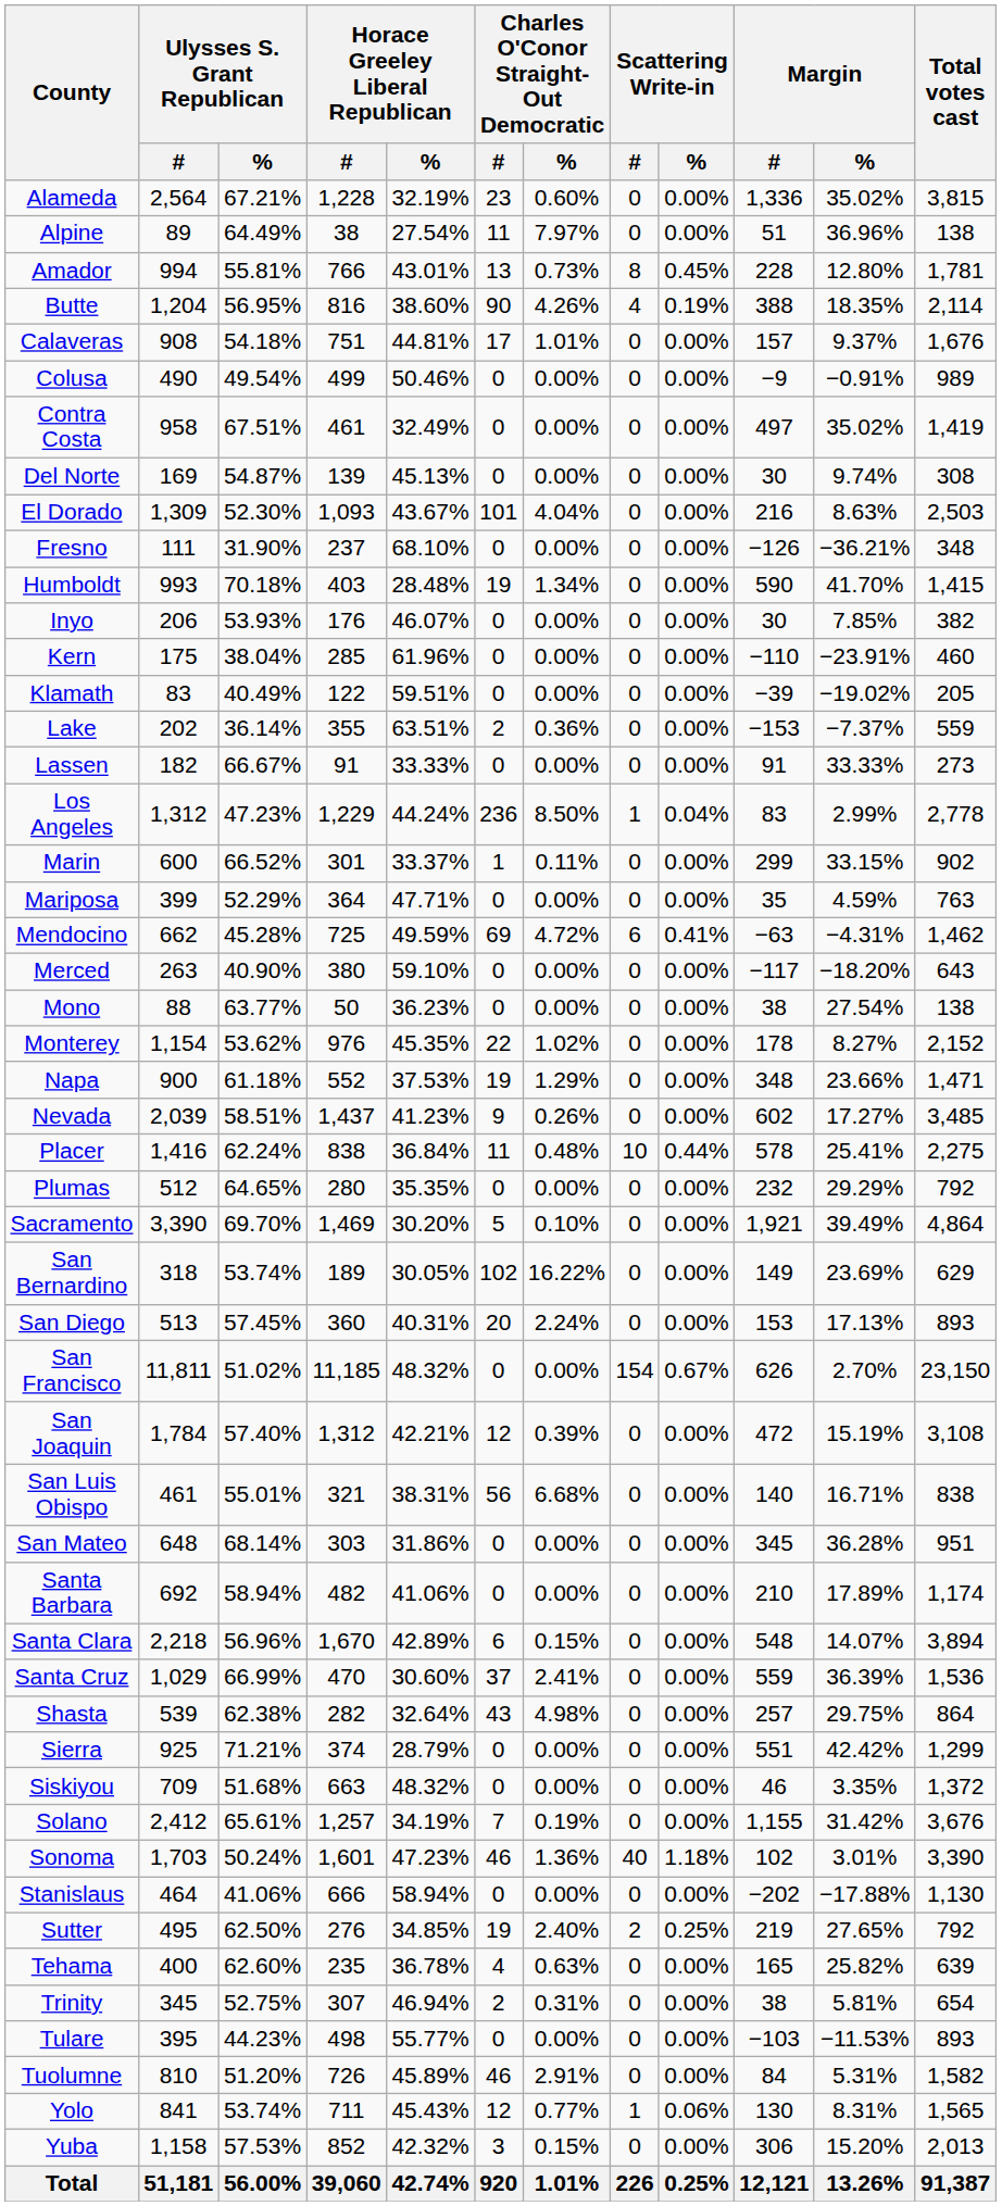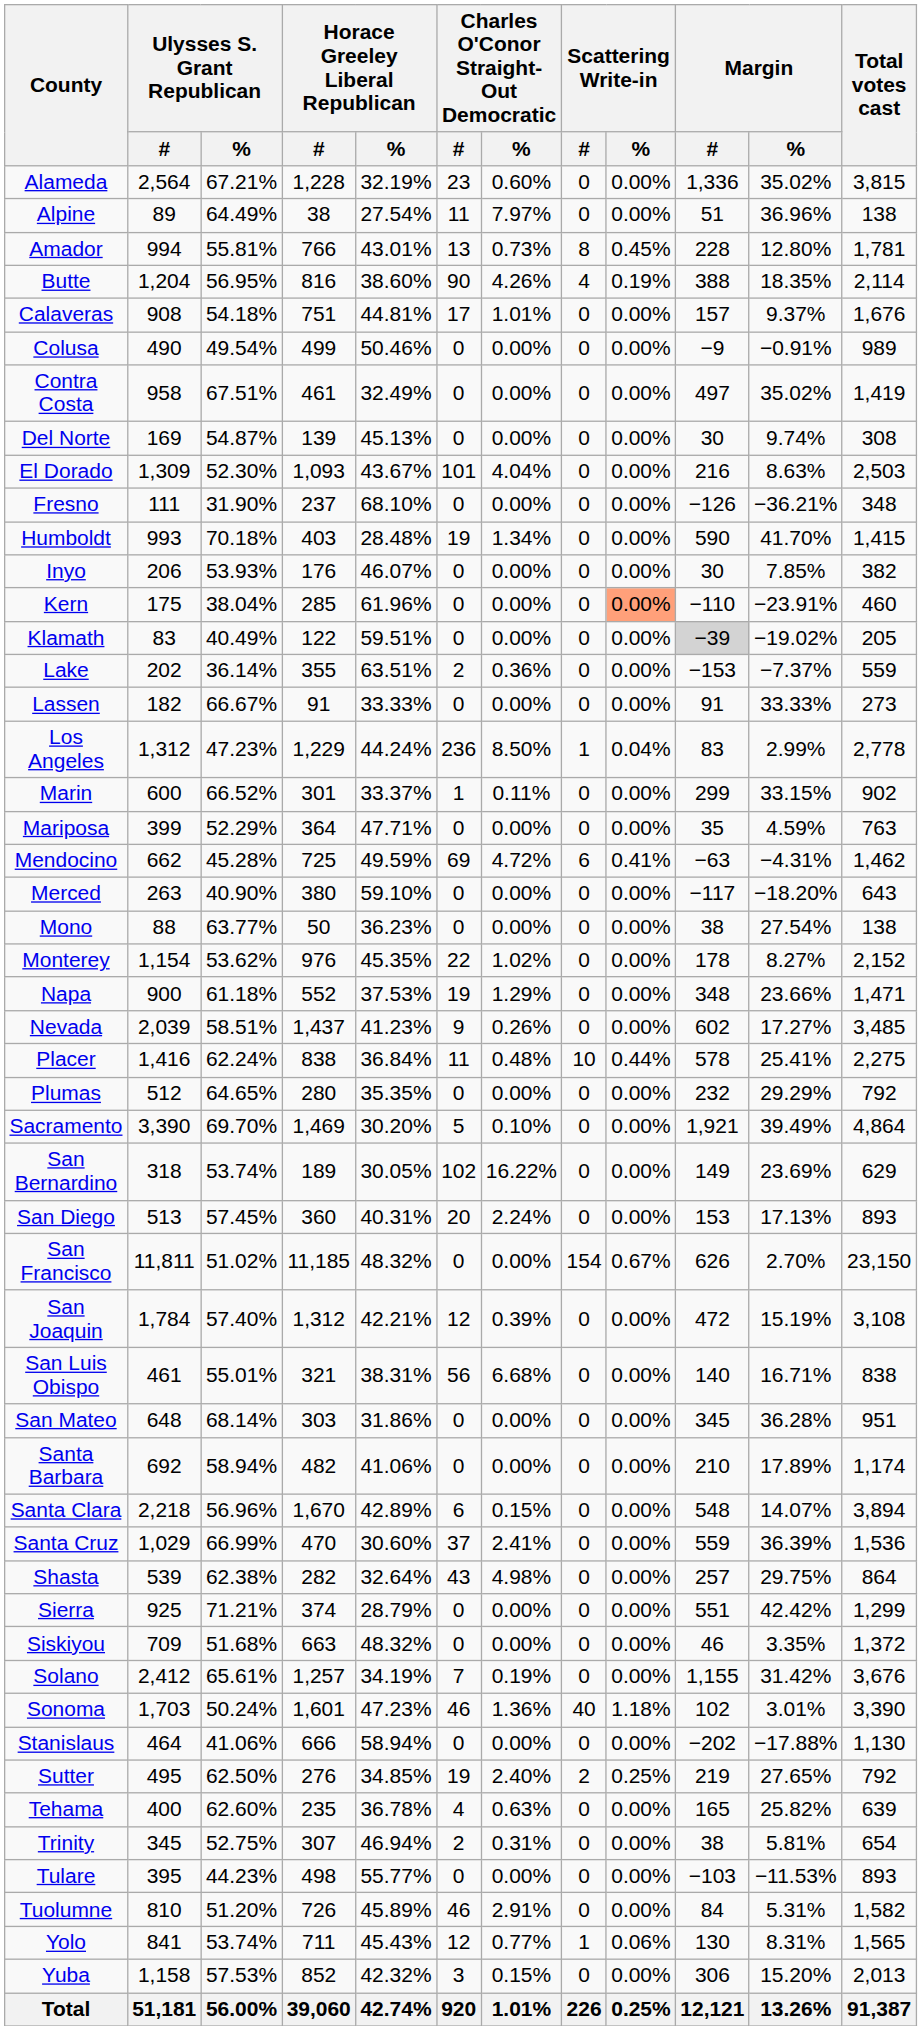 <table width="60%" class="wikitable sortable" style="text-align:center">
 <tr>
 <th rowspan="2" style="text-align:center;">County</th>
 <th colspan="2" style="text-align:center;">Ulysses S. Grant<br>Republican</th>
 <th colspan="2" style="text-align:center;">Horace Greeley<br>Liberal Republican</th>
 <th colspan="2" style="text-align:center;">Charles O'Conor<br>Straight-Out Democratic</th>
 <th colspan="2" style="text-align:center;">Scattering<br>Write-in</th>
 <th colspan="2" style="text-align:center;">Margin</th>
 <th rowspan="2" style="text-align:center;">Total votes cast</th>
 </tr>
 <tr>
 <th style="text-align:center;" data-sort-type="number">#</th>
 <th style="text-align:center;" data-sort-type="number">%</th>
 <th style="text-align:center;" data-sort-type="number">#</th>
 <th style="text-align:center;" data-sort-type="number">%</th>
 <th style="text-align:center;" data-sort-type="number">#</th>
 <th style="text-align:center;" data-sort-type="number">%</th>
 <th style="text-align:center;" data-sort-type="number">#</th>
 <th style="text-align:center;" data-sort-type="number">%</th>
 <th style="text-align:center;" data-sort-type="number">#</th>
 <th style="text-align:center;" data-sort-type="number">%</th>
 </tr>
 <tr style="text-align:center;">
 <td><a href='#'>Alameda</a></td>
 <td>2,564</td>
 <td>67.21%</td>
 <td>1,228</td>
 <td>32.19%</td>
 <td>23</td>
 <td>0.60%</td>
 <td>0</td>
 <td>0.00%</td>
 <td>1,336</td>
 <td>35.02%</td>
 <td>3,815</td>
 </tr>
 <tr style="text-align:center;">
 <td><a href='#'>Alpine</a></td>
 <td>89</td>
 <td>64.49%</td>
 <td>38</td>
 <td>27.54%</td>
 <td>11</td>
 <td>7.97%</td>
 <td>0</td>
 <td>0.00%</td>
 <td>51</td>
 <td>36.96%</td>
 <td>138</td>
 </tr>
 <tr style="text-align:center;">
 <td><a href='#'>Amador</a></td>
 <td>994</td>
 <td>55.81%</td>
 <td>766</td>
 <td>43.01%</td>
 <td>13</td>
 <td>0.73%</td>
 <td>8</td>
 <td>0.45%</td>
 <td>228</td>
 <td>12.80%</td>
 <td>1,781</td>
 </tr>
 <tr style="text-align:center;">
 <td><a href='#'>Butte</a></td>
 <td>1,204</td>
 <td>56.95%</td>
 <td>816</td>
 <td>38.60%</td>
 <td>90</td>
 <td>4.26%</td>
 <td>4</td>
 <td>0.19%</td>
 <td>388</td>
 <td>18.35%</td>
 <td>2,114</td>
 </tr>
 <tr style="text-align:center;">
 <td><a href='#'>Calaveras</a></td>
 <td>908</td>
 <td>54.18%</td>
 <td>751</td>
 <td>44.81%</td>
 <td>17</td>
 <td>1.01%</td>
 <td>0</td>
 <td>0.00%</td>
 <td>157</td>
 <td>9.37%</td>
 <td>1,676</td>
 </tr>
 <tr style="text-align:center;">
 <td><a href='#'>Colusa</a></td>
 <td>490</td>
 <td>49.54%</td>
 <td>499</td>
 <td>50.46%</td>
 <td>0</td>
 <td>0.00%</td>
 <td>0</td>
 <td>0.00%</td>
 <td>−9</td>
 <td>−0.91%</td>
 <td>989</td>
 </tr>
 <tr style="text-align:center;">
 <td><a href='#'>Contra Costa</a></td>
 <td>958</td>
 <td>67.51%</td>
 <td>461</td>
 <td>32.49%</td>
 <td>0</td>
 <td>0.00%</td>
 <td>0</td>
 <td>0.00%</td>
 <td>497</td>
 <td>35.02%</td>
 <td>1,419</td>
 </tr>
 <tr style="text-align:center;">
 <td><a href='#'>Del Norte</a></td>
 <td>169</td>
 <td>54.87%</td>
 <td>139</td>
 <td>45.13%</td>
 <td>0</td>
 <td>0.00%</td>
 <td>0</td>
 <td>0.00%</td>
 <td>30</td>
 <td>9.74%</td>
 <td>308</td>
 </tr>
 <tr style="text-align:center;">
 <td><a href='#'>El Dorado</a></td>
 <td>1,309</td>
 <td>52.30%</td>
 <td>1,093</td>
 <td>43.67%</td>
 <td>101</td>
 <td>4.04%</td>
 <td>0</td>
 <td>0.00%</td>
 <td>216</td>
 <td>8.63%</td>
 <td>2,503</td>
 </tr>
 <tr style="text-align:center;">
 <td><a href='#'>Fresno</a></td>
 <td>111</td>
 <td>31.90%</td>
 <td>237</td>
 <td>68.10%</td>
 <td>0</td>
 <td>0.00%</td>
 <td>0</td>
 <td>0.00%</td>
 <td>−126</td>
 <td>−36.21%</td>
 <td>348</td>
 </tr>
 <tr style="text-align:center;">
 <td><a href='#'>Humboldt</a></td>
 <td>993</td>
 <td>70.18%</td>
 <td>403</td>
 <td>28.48%</td>
 <td>19</td>
 <td>1.34%</td>
 <td>0</td>
 <td>0.00%</td>
 <td>590</td>
 <td>41.70%</td>
 <td>1,415</td>
 </tr>
 <tr style="text-align:center;">
 <td><a href='#'>Inyo</a></td>
 <td>206</td>
 <td>53.93%</td>
 <td>176</td>
 <td>46.07%</td>
 <td>0</td>
 <td>0.00%</td>
 <td>0</td>
 <td>0.00%</td>
 <td>30</td>
 <td>7.85%</td>
 <td>382</td>
 </tr>
 <tr style="text-align:center;">
 <td><a href='#'>Kern</a></td>
 <td>175</td>
 <td>38.04%</td>
 <td>285</td>
 <td>61.96%</td>
 <td>0</td>
 <td>0.00%</td>
 <td>0</td>
-<td>0.00%</td>
+<td style="background: lightsalmon;">0.00%</td>
 <td>−110</td>
 <td>−23.91%</td>
 <td>460</td>
 </tr>
 <tr style="text-align:center;">
 <td><a href='#'>Klamath</a></td>
 <td>83</td>
 <td>40.49%</td>
 <td>122</td>
 <td>59.51%</td>
 <td>0</td>
 <td>0.00%</td>
 <td>0</td>
 <td>0.00%</td>
-<td>−39</td>
+<td style="background: lightgrey;">−39</td>
 <td>−19.02%</td>
 <td>205</td>
 </tr>
 <tr style="text-align:center;">
 <td><a href='#'>Lake</a></td>
 <td>202</td>
 <td>36.14%</td>
 <td>355</td>
 <td>63.51%</td>
 <td>2</td>
 <td>0.36%</td>
 <td>0</td>
 <td>0.00%</td>
 <td>−153</td>
 <td>−7.37%</td>
 <td>559</td>
 </tr>
 <tr style="text-align:center;">
 <td><a href='#'>Lassen</a></td>
 <td>182</td>
 <td>66.67%</td>
 <td>91</td>
 <td>33.33%</td>
 <td>0</td>
 <td>0.00%</td>
 <td>0</td>
 <td>0.00%</td>
 <td>91</td>
 <td>33.33%</td>
 <td>273</td>
 </tr>
 <tr style="text-align:center;">
 <td><a href='#'>Los Angeles</a></td>
 <td>1,312</td>
 <td>47.23%</td>
 <td>1,229</td>
 <td>44.24%</td>
 <td>236</td>
 <td>8.50%</td>
 <td>1</td>
 <td>0.04%</td>
 <td>83</td>
 <td>2.99%</td>
 <td>2,778</td>
 </tr>
 <tr style="text-align:center;">
 <td><a href='#'>Marin</a></td>
 <td>600</td>
 <td>66.52%</td>
 <td>301</td>
 <td>33.37%</td>
 <td>1</td>
 <td>0.11%</td>
 <td>0</td>
 <td>0.00%</td>
 <td>299</td>
 <td>33.15%</td>
 <td>902</td>
 </tr>
 <tr style="text-align:center;">
 <td><a href='#'>Mariposa</a></td>
 <td>399</td>
 <td>52.29%</td>
 <td>364</td>
 <td>47.71%</td>
 <td>0</td>
 <td>0.00%</td>
 <td>0</td>
 <td>0.00%</td>
 <td>35</td>
 <td>4.59%</td>
 <td>763</td>
 </tr>
 <tr style="text-align:center;">
 <td><a href='#'>Mendocino</a></td>
 <td>662</td>
 <td>45.28%</td>
 <td>725</td>
 <td>49.59%</td>
 <td>69</td>
 <td>4.72%</td>
 <td>6</td>
 <td>0.41%</td>
 <td>−63</td>
 <td>−4.31%</td>
 <td>1,462</td>
 </tr>
 <tr style="text-align:center;">
 <td><a href='#'>Merced</a></td>
 <td>263</td>
 <td>40.90%</td>
 <td>380</td>
 <td>59.10%</td>
 <td>0</td>
 <td>0.00%</td>
 <td>0</td>
 <td>0.00%</td>
 <td>−117</td>
 <td>−18.20%</td>
 <td>643</td>
 </tr>
 <tr style="text-align:center;">
 <td><a href='#'>Mono</a></td>
 <td>88</td>
 <td>63.77%</td>
 <td>50</td>
 <td>36.23%</td>
 <td>0</td>
 <td>0.00%</td>
 <td>0</td>
 <td>0.00%</td>
 <td>38</td>
 <td>27.54%</td>
 <td>138</td>
 </tr>
 <tr style="text-align:center;">
 <td><a href='#'>Monterey</a></td>
 <td>1,154</td>
 <td>53.62%</td>
 <td>976</td>
 <td>45.35%</td>
 <td>22</td>
 <td>1.02%</td>
 <td>0</td>
 <td>0.00%</td>
 <td>178</td>
 <td>8.27%</td>
 <td>2,152</td>
 </tr>
 <tr style="text-align:center;">
 <td><a href='#'>Napa</a></td>
 <td>900</td>
 <td>61.18%</td>
 <td>552</td>
 <td>37.53%</td>
 <td>19</td>
 <td>1.29%</td>
 <td>0</td>
 <td>0.00%</td>
 <td>348</td>
 <td>23.66%</td>
 <td>1,471</td>
 </tr>
 <tr style="text-align:center;">
 <td><a href='#'>Nevada</a></td>
 <td>2,039</td>
 <td>58.51%</td>
 <td>1,437</td>
 <td>41.23%</td>
 <td>9</td>
 <td>0.26%</td>
 <td>0</td>
 <td>0.00%</td>
 <td>602</td>
 <td>17.27%</td>
 <td>3,485</td>
 </tr>
 <tr style="text-align:center;">
 <td><a href='#'>Placer</a></td>
 <td>1,416</td>
 <td>62.24%</td>
 <td>838</td>
 <td>36.84%</td>
 <td>11</td>
 <td>0.48%</td>
 <td>10</td>
 <td>0.44%</td>
 <td>578</td>
 <td>25.41%</td>
 <td>2,275</td>
 </tr>
 <tr style="text-align:center;">
 <td><a href='#'>Plumas</a></td>
 <td>512</td>
 <td>64.65%</td>
 <td>280</td>
 <td>35.35%</td>
 <td>0</td>
 <td>0.00%</td>
 <td>0</td>
 <td>0.00%</td>
 <td>232</td>
 <td>29.29%</td>
 <td>792</td>
 </tr>
 <tr style="text-align:center;">
 <td><a href='#'>Sacramento</a></td>
 <td>3,390</td>
 <td>69.70%</td>
 <td>1,469</td>
 <td>30.20%</td>
 <td>5</td>
 <td>0.10%</td>
 <td>0</td>
 <td>0.00%</td>
 <td>1,921</td>
 <td>39.49%</td>
 <td>4,864</td>
 </tr>
 <tr style="text-align:center;">
 <td><a href='#'>San Bernardino</a></td>
 <td>318</td>
 <td>53.74%</td>
 <td>189</td>
 <td>30.05%</td>
 <td>102</td>
 <td>16.22%</td>
 <td>0</td>
 <td>0.00%</td>
 <td>149</td>
 <td>23.69%</td>
 <td>629</td>
 </tr>
 <tr style="text-align:center;">
 <td><a href='#'>San Diego</a></td>
 <td>513</td>
 <td>57.45%</td>
 <td>360</td>
 <td>40.31%</td>
 <td>20</td>
 <td>2.24%</td>
 <td>0</td>
 <td>0.00%</td>
 <td>153</td>
 <td>17.13%</td>
 <td>893</td>
 </tr>
 <tr style="text-align:center;">
 <td><a href='#'>San Francisco</a></td>
 <td>11,811</td>
 <td>51.02%</td>
 <td>11,185</td>
 <td>48.32%</td>
 <td>0</td>
 <td>0.00%</td>
 <td>154</td>
 <td>0.67%</td>
 <td>626</td>
 <td>2.70%</td>
 <td>23,150</td>
 </tr>
 <tr style="text-align:center;">
 <td><a href='#'>San Joaquin</a></td>
 <td>1,784</td>
 <td>57.40%</td>
 <td>1,312</td>
 <td>42.21%</td>
 <td>12</td>
 <td>0.39%</td>
 <td>0</td>
 <td>0.00%</td>
 <td>472</td>
 <td>15.19%</td>
 <td>3,108</td>
 </tr>
 <tr style="text-align:center;">
 <td><a href='#'>San Luis Obispo</a></td>
 <td>461</td>
 <td>55.01%</td>
 <td>321</td>
 <td>38.31%</td>
 <td>56</td>
 <td>6.68%</td>
 <td>0</td>
 <td>0.00%</td>
 <td>140</td>
 <td>16.71%</td>
 <td>838</td>
 </tr>
 <tr style="text-align:center;">
 <td><a href='#'>San Mateo</a></td>
 <td>648</td>
 <td>68.14%</td>
 <td>303</td>
 <td>31.86%</td>
 <td>0</td>
 <td>0.00%</td>
 <td>0</td>
 <td>0.00%</td>
 <td>345</td>
 <td>36.28%</td>
 <td>951</td>
 </tr>
 <tr style="text-align:center;">
 <td><a href='#'>Santa Barbara</a></td>
 <td>692</td>
 <td>58.94%</td>
 <td>482</td>
 <td>41.06%</td>
 <td>0</td>
 <td>0.00%</td>
 <td>0</td>
 <td>0.00%</td>
 <td>210</td>
 <td>17.89%</td>
 <td>1,174</td>
 </tr>
 <tr style="text-align:center;">
 <td><a href='#'>Santa Clara</a></td>
 <td>2,218</td>
 <td>56.96%</td>
 <td>1,670</td>
 <td>42.89%</td>
 <td>6</td>
 <td>0.15%</td>
 <td>0</td>
 <td>0.00%</td>
 <td>548</td>
 <td>14.07%</td>
 <td>3,894</td>
 </tr>
 <tr style="text-align:center;">
 <td><a href='#'>Santa Cruz</a></td>
 <td>1,029</td>
 <td>66.99%</td>
 <td>470</td>
 <td>30.60%</td>
 <td>37</td>
 <td>2.41%</td>
 <td>0</td>
 <td>0.00%</td>
 <td>559</td>
 <td>36.39%</td>
 <td>1,536</td>
 </tr>
 <tr style="text-align:center;">
 <td><a href='#'>Shasta</a></td>
 <td>539</td>
 <td>62.38%</td>
 <td>282</td>
 <td>32.64%</td>
 <td>43</td>
 <td>4.98%</td>
 <td>0</td>
 <td>0.00%</td>
 <td>257</td>
 <td>29.75%</td>
 <td>864</td>
 </tr>
 <tr style="text-align:center;">
 <td><a href='#'>Sierra</a></td>
 <td>925</td>
 <td>71.21%</td>
 <td>374</td>
 <td>28.79%</td>
 <td>0</td>
 <td>0.00%</td>
 <td>0</td>
 <td>0.00%</td>
 <td>551</td>
 <td>42.42%</td>
 <td>1,299</td>
 </tr>
 <tr style="text-align:center;">
 <td><a href='#'>Siskiyou</a></td>
 <td>709</td>
 <td>51.68%</td>
 <td>663</td>
 <td>48.32%</td>
 <td>0</td>
 <td>0.00%</td>
 <td>0</td>
 <td>0.00%</td>
 <td>46</td>
 <td>3.35%</td>
 <td>1,372</td>
 </tr>
 <tr style="text-align:center;">
 <td><a href='#'>Solano</a></td>
 <td>2,412</td>
 <td>65.61%</td>
 <td>1,257</td>
 <td>34.19%</td>
 <td>7</td>
 <td>0.19%</td>
 <td>0</td>
 <td>0.00%</td>
 <td>1,155</td>
 <td>31.42%</td>
 <td>3,676</td>
 </tr>
 <tr style="text-align:center;">
 <td><a href='#'>Sonoma</a></td>
 <td>1,703</td>
 <td>50.24%</td>
 <td>1,601</td>
 <td>47.23%</td>
 <td>46</td>
 <td>1.36%</td>
 <td>40</td>
 <td>1.18%</td>
 <td>102</td>
 <td>3.01%</td>
 <td>3,390</td>
 </tr>
 <tr style="text-align:center;">
 <td><a href='#'>Stanislaus</a></td>
 <td>464</td>
 <td>41.06%</td>
 <td>666</td>
 <td>58.94%</td>
 <td>0</td>
 <td>0.00%</td>
 <td>0</td>
 <td>0.00%</td>
 <td>−202</td>
 <td>−17.88%</td>
 <td>1,130</td>
 </tr>
 <tr style="text-align:center;">
 <td><a href='#'>Sutter</a></td>
 <td>495</td>
 <td>62.50%</td>
 <td>276</td>
 <td>34.85%</td>
 <td>19</td>
 <td>2.40%</td>
 <td>2</td>
 <td>0.25%</td>
 <td>219</td>
 <td>27.65%</td>
 <td>792</td>
 </tr>
 <tr style="text-align:center;">
 <td><a href='#'>Tehama</a></td>
 <td>400</td>
 <td>62.60%</td>
 <td>235</td>
 <td>36.78%</td>
 <td>4</td>
 <td>0.63%</td>
 <td>0</td>
 <td>0.00%</td>
 <td>165</td>
 <td>25.82%</td>
 <td>639</td>
 </tr>
 <tr style="text-align:center;">
 <td><a href='#'>Trinity</a></td>
 <td>345</td>
 <td>52.75%</td>
 <td>307</td>
 <td>46.94%</td>
 <td>2</td>
 <td>0.31%</td>
 <td>0</td>
 <td>0.00%</td>
 <td>38</td>
 <td>5.81%</td>
 <td>654</td>
 </tr>
 <tr style="text-align:center;">
 <td><a href='#'>Tulare</a></td>
 <td>395</td>
 <td>44.23%</td>
 <td>498</td>
 <td>55.77%</td>
 <td>0</td>
 <td>0.00%</td>
 <td>0</td>
 <td>0.00%</td>
 <td>−103</td>
 <td>−11.53%</td>
 <td>893</td>
 </tr>
 <tr style="text-align:center;">
 <td><a href='#'>Tuolumne</a></td>
 <td>810</td>
 <td>51.20%</td>
 <td>726</td>
 <td>45.89%</td>
 <td>46</td>
 <td>2.91%</td>
 <td>0</td>
 <td>0.00%</td>
 <td>84</td>
 <td>5.31%</td>
 <td>1,582</td>
 </tr>
 <tr style="text-align:center;">
 <td><a href='#'>Yolo</a></td>
 <td>841</td>
 <td>53.74%</td>
 <td>711</td>
 <td>45.43%</td>
 <td>12</td>
 <td>0.77%</td>
 <td>1</td>
 <td>0.06%</td>
 <td>130</td>
 <td>8.31%</td>
 <td>1,565</td>
 </tr>
 <tr style="text-align:center;">
 <td><a href='#'>Yuba</a></td>
 <td>1,158</td>
 <td>57.53%</td>
 <td>852</td>
 <td>42.32%</td>
 <td>3</td>
 <td>0.15%</td>
 <td>0</td>
 <td>0.00%</td>
 <td>306</td>
 <td>15.20%</td>
 <td>2,013</td>
 </tr>
 <tr>
 <th>Total</th>
 <th>51,181</th>
 <th>56.00%</th>
 <th>39,060</th>
 <th>42.74%</th>
 <th>920</th>
 <th>1.01%</th>
 <th>226</th>
 <th>0.25%</th>
 <th>12,121</th>
 <th>13.26%</th>
 <th>91,387</th>
 </tr>
 </table>
